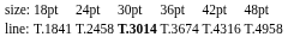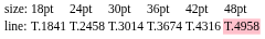 <table style="margin-left:40px;">
 <tr>
 <td>size:</td>
 <td>18pt</td>
 <td>24pt</td>
 <td>30pt</td>
 <td>36pt</td>
 <td>42pt</td>
 <td>48pt</td>
 </tr>
 <tr>
 <td>line:</td>
 <td>T.1841</td>
 <td>T.2458</td>
-<td><strong>T.3014</strong></td>
+<td>T.3014</td>
 <td>T.3674</td>
 <td>T.4316</td>
-<td>T.4958</td>
+<td style="background: pink;">T.4958</td>
 </tr>
 </table>
